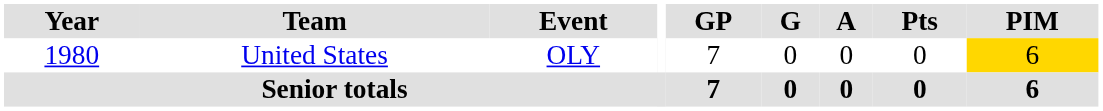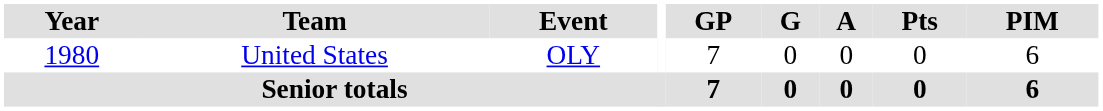 <table border="0" cellpadding="1" cellspacing="0" ID="Table3" style="text-align:center; width:40em">
 <tr bgcolor="#e0e0e0">
 <th>Year</th>
 <th>Team</th>
 <th>Event</th>
 <th rowspan="102" bgcolor="#ffffff"></th>
 <th>GP</th>
 <th>G</th>
 <th>A</th>
 <th>Pts</th>
 <th>PIM</th>
 </tr>
 <tr>
 <td><a href='#'>1980</a></td>
 <td><a href='#'>United States</a></td>
 <td><a href='#'>OLY</a></td>
 <td>7</td>
 <td>0</td>
 <td>0</td>
 <td>0</td>
-<td style="background: gold;">6</td>
+<td>6</td>
 </tr>
 <tr bgcolor="#e0e0e0">
 <th colspan="4">Senior totals</th>
 <th>7</th>
 <th>0</th>
 <th>0</th>
 <th>0</th>
 <th>6</th>
 </tr>
 </table>
